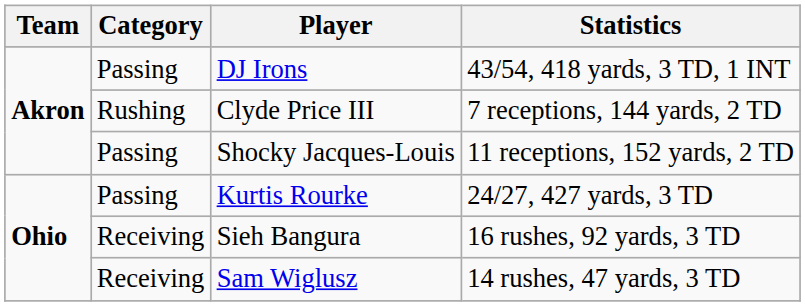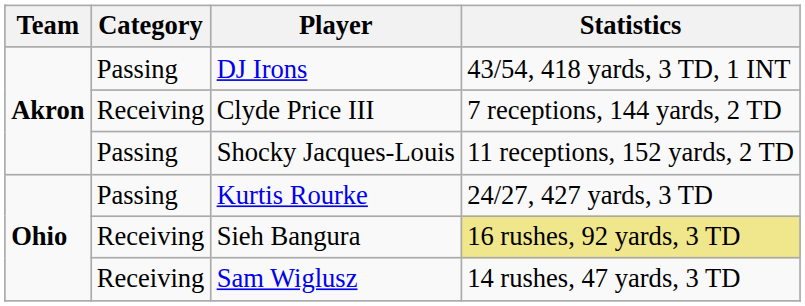 <table class="wikitable" style="float: right;">
 <tr>
 <th>Team</th>
 <th>Category</th>
 <th>Player</th>
 <th>Statistics</th>
 </tr>
 <tr>
 <td rowspan=3><strong>Akron</strong></td>
 <td>Passing</td>
 <td><a href='#'>DJ Irons</a></td>
 <td>43/54, 418 yards, 3 TD, 1 INT</td>
 </tr>
 <tr>
-<td>Rushing</td>
+<td>Receiving</td>
 <td>Clyde Price III</td>
 <td>7 receptions, 144 yards, 2 TD</td>
 </tr>
 <tr>
 <td>Passing</td>
 <td>Shocky Jacques-Louis</td>
 <td>11 receptions, 152 yards, 2 TD</td>
 </tr>
 <tr>
 <td rowspan=3><strong>Ohio</strong></td>
 <td>Passing</td>
 <td><a href='#'>Kurtis Rourke</a></td>
 <td>24/27, 427 yards, 3 TD</td>
 </tr>
 <tr>
 <td>Receiving</td>
 <td>Sieh Bangura</td>
-<td>16 rushes, 92 yards, 3 TD</td>
+<td style="background: khaki;">16 rushes, 92 yards, 3 TD</td>
 </tr>
 <tr>
 <td>Receiving</td>
 <td><a href='#'>Sam Wiglusz</a></td>
 <td>14 rushes, 47 yards, 3 TD</td>
 </tr>
 </table>
